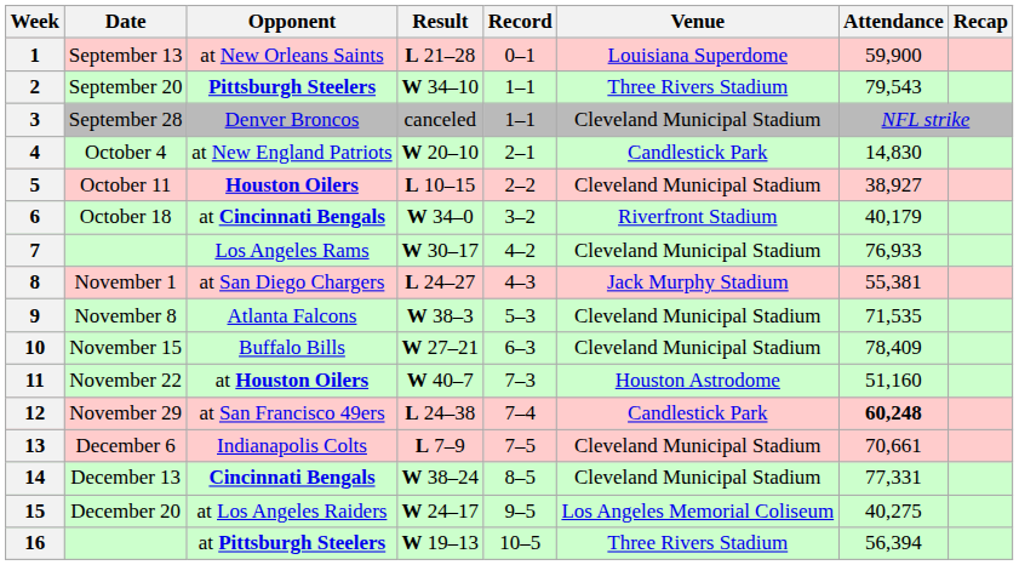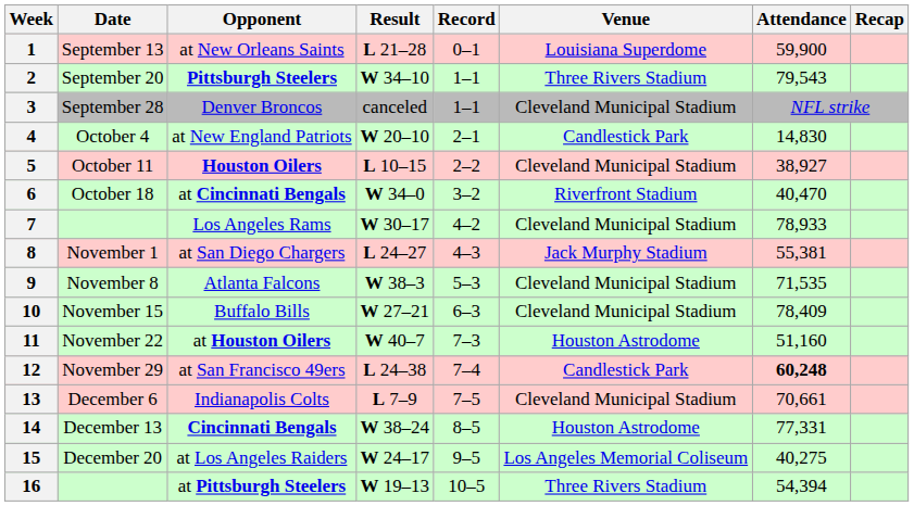 <table class="wikitable" style="text-align:center">
 <tr>
 <th>Week</th>
 <th>Date</th>
 <th>Opponent</th>
 <th>Result</th>
 <th>Record</th>
 <th>Venue</th>
 <th>Attendance</th>
 <th>Recap</th>
 </tr>
 <tr style="background:#fcc">
 <th>1</th>
 <td>September 13</td>
 <td>at <a href='#'>New Orleans Saints</a></td>
 <td><strong>L</strong> 21–28</td>
 <td>0–1</td>
 <td><a href='#'>Louisiana Superdome</a></td>
 <td>59,900</td>
 <td></td>
 </tr>
 <tr style="background:#cfc">
 <th>2</th>
 <td>September 20</td>
 <td><strong><a href='#'>Pittsburgh Steelers</a></strong></td>
 <td><strong>W</strong> 34–10</td>
 <td>1–1</td>
 <td><a href='#'>Three Rivers Stadium</a></td>
 <td>79,543</td>
 <td></td>
 </tr>
 <tr style="background:#bababa">
 <th>3</th>
 <td>September 28</td>
 <td><a href='#'>Denver Broncos</a></td>
 <td>canceled</td>
 <td>1–1</td>
 <td>Cleveland Municipal Stadium</td>
 <td colspan="2"><em><a href='#'>NFL strike</a></em></td>
 </tr>
 <tr style="background:#cfc">
 <th>4</th>
 <td>October 4</td>
 <td>at <a href='#'>New England Patriots</a></td>
 <td><strong>W</strong> 20–10</td>
 <td>2–1</td>
 <td><a href='#'>Candlestick Park</a></td>
 <td>14,830</td>
 <td></td>
 </tr>
 <tr style="background:#fcc">
 <th>5</th>
 <td>October 11</td>
 <td><strong><a href='#'>Houston Oilers</a></strong></td>
 <td><strong>L</strong> 10–15</td>
 <td>2–2</td>
 <td>Cleveland Municipal Stadium</td>
 <td>38,927</td>
 <td></td>
 </tr>
 <tr style="background:#cfc">
 <th>6</th>
 <td>October 18</td>
 <td>at <strong><a href='#'>Cincinnati Bengals</a></strong></td>
 <td><strong>W</strong> 34–0</td>
 <td>3–2</td>
 <td><a href='#'>Riverfront Stadium</a></td>
-<td>40,179</td>
+<td>40,470</td>
 <td></td>
 </tr>
 <tr style="background:#cfc">
 <th>7</th>
 <td></td>
 <td><a href='#'>Los Angeles Rams</a></td>
 <td><strong>W</strong> 30–17</td>
 <td>4–2</td>
 <td>Cleveland Municipal Stadium</td>
-<td>76,933</td>
+<td>78,933</td>
 <td></td>
 </tr>
 <tr style="background:#fcc">
 <th>8</th>
 <td>November 1</td>
 <td>at <a href='#'>San Diego Chargers</a></td>
 <td><strong>L</strong> 24–27</td>
 <td>4–3</td>
 <td><a href='#'>Jack Murphy Stadium</a></td>
 <td>55,381</td>
 <td></td>
 </tr>
 <tr style="background:#cfc">
 <th>9</th>
 <td>November 8</td>
 <td><a href='#'>Atlanta Falcons</a></td>
 <td><strong>W</strong> 38–3</td>
 <td>5–3</td>
 <td>Cleveland Municipal Stadium</td>
 <td>71,535</td>
 <td></td>
 </tr>
 <tr style="background:#cfc">
 <th>10</th>
 <td>November 15</td>
 <td><a href='#'>Buffalo Bills</a></td>
 <td><strong>W</strong> 27–21</td>
 <td>6–3</td>
 <td>Cleveland Municipal Stadium</td>
 <td>78,409</td>
 <td></td>
 </tr>
 <tr style="background:#cfc">
 <th>11</th>
 <td>November 22</td>
 <td>at <strong><a href='#'>Houston Oilers</a></strong></td>
 <td><strong>W</strong> 40–7</td>
 <td>7–3</td>
 <td><a href='#'>Houston Astrodome</a></td>
 <td>51,160</td>
 <td></td>
 </tr>
 <tr style="background:#fcc">
 <th>12</th>
 <td>November 29</td>
 <td>at <a href='#'>San Francisco 49ers</a></td>
 <td><strong>L</strong> 24–38</td>
 <td>7–4</td>
 <td><a href='#'>Candlestick Park</a></td>
 <td><strong>60,248</strong></td>
 <td></td>
 </tr>
 <tr style="background:#fcc">
 <th>13</th>
 <td>December 6</td>
 <td><a href='#'>Indianapolis Colts</a></td>
 <td><strong>L</strong> 7–9</td>
 <td>7–5</td>
 <td>Cleveland Municipal Stadium</td>
 <td>70,661</td>
 <td></td>
 </tr>
 <tr style="background:#cfc">
 <th>14</th>
 <td>December 13</td>
 <td><strong><a href='#'>Cincinnati Bengals</a></strong></td>
 <td><strong>W</strong> 38–24</td>
 <td>8–5</td>
-<td>Cleveland Municipal Stadium</td>
+<td><a href='#'>Houston Astrodome</a></td>
 <td>77,331</td>
 <td></td>
 </tr>
 <tr style="background:#cfc">
 <th>15</th>
 <td>December 20</td>
 <td>at <a href='#'>Los Angeles Raiders</a></td>
 <td><strong>W</strong> 24–17</td>
 <td>9–5</td>
 <td><a href='#'>Los Angeles Memorial Coliseum</a></td>
 <td>40,275</td>
 <td></td>
 </tr>
 <tr style="background:#cfc">
 <th>16</th>
 <td></td>
 <td>at <strong><a href='#'>Pittsburgh Steelers</a></strong></td>
 <td><strong>W</strong> 19–13</td>
 <td>10–5</td>
 <td><a href='#'>Three Rivers Stadium</a></td>
-<td>56,394</td>
+<td>54,394</td>
 <td></td>
 </tr>
 </table>
